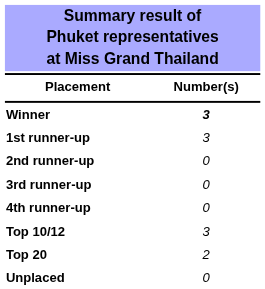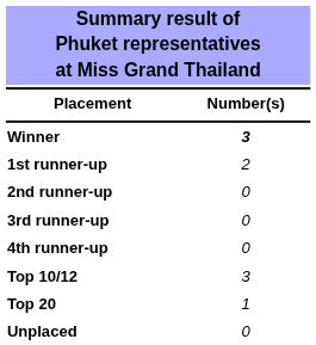 <table style="width: 270px; font-size:85%; line-height:1.5em;">
 <tr>
 <th colspan="2" align="center" style="background:#AAF;"><big>Summary result of<br>Phuket representatives<br>at Miss Grand Thailand</big></th>
 </tr>
 <tr>
 <td colspan="2" style="background:black"></td>
 </tr>
 <tr>
 <th scope="col">Placement</th>
 <th scope="col">Number(s)</th>
 </tr>
 <tr>
 <td colspan="2" style="background:black"></td>
 </tr>
 <tr>
 <td align="left"><strong>Winner</strong></td>
 <td align="center"><strong><em>3</em></strong></td>
 </tr>
 <tr>
 <td align="left"><strong>1st runner-up</strong></td>
-<td align="center"><em>3</em></td>
+<td align="center"><em>2</em></td>
 </tr>
 <tr>
 <td align="left"><strong>2nd runner-up</strong></td>
 <td align="center"><em>0</em></td>
 </tr>
 <tr>
 <td align="left"><strong>3rd runner-up</strong></td>
 <td align="center"><em>0</em></td>
 </tr>
 <tr>
 <td align="left"><strong>4th runner-up</strong></td>
 <td align="center"><em>0</em></td>
 </tr>
 <tr>
 <td align="left"><strong>Top 10/12</strong></td>
 <td align="center"><em>3</em></td>
 </tr>
 <tr>
 <td align="left"><strong>Top 20</strong></td>
-<td align="center"><em>2</em></td>
+<td align="center"><em>1</em></td>
 </tr>
 <tr>
 <td align="left"><strong>Unplaced</strong></td>
 <td align="center"><em>0</em></td>
 </tr>
 </table>
